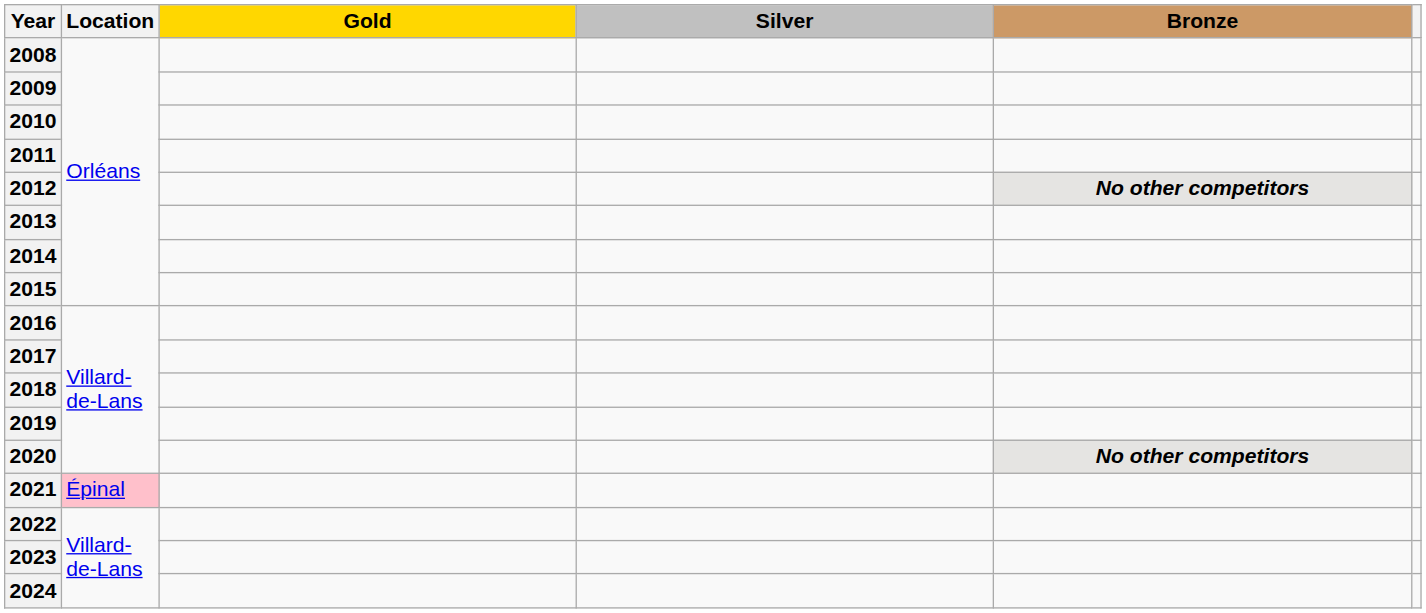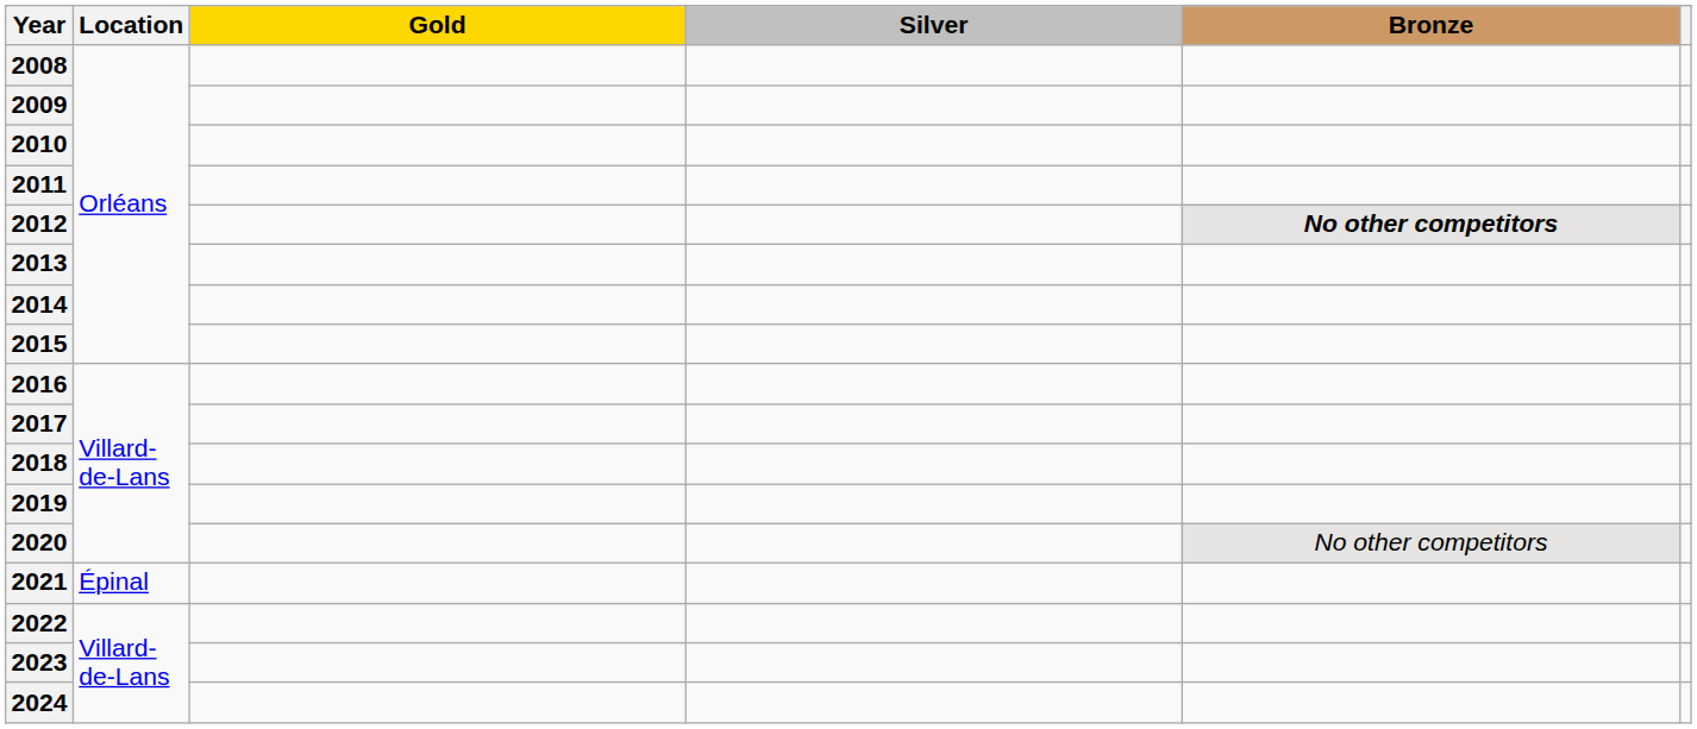 <table class="wikitable unsortable" style="text-align:left; width:85%">
 <tr>
 <th scope="col" style="text-align:center">Year</th>
 <th scope="col" style="text-align:center">Location</th>
 <td scope="col" style="text-align:center; width:30%; background:gold"><strong>Gold</strong></td>
 <td scope="col" style="text-align:center; width:30%; background:silver"><strong>Silver</strong></td>
 <td scope="col" style="text-align:center; width:30%; background:#c96"><strong>Bronze</strong></td>
 <th scope="col" style="text-align:center"></th>
 </tr>
 <tr>
 <th scope="row">2008</th>
 <td rowspan="8"><a href='#'>Orléans</a></td>
 <td></td>
 <td></td>
 <td></td>
 <td></td>
 </tr>
 <tr>
 <th scope="row">2009</th>
 <td></td>
 <td></td>
 <td></td>
 <td></td>
 </tr>
 <tr>
 <th scope="row">2010</th>
 <td></td>
 <td></td>
 <td></td>
 <td></td>
 </tr>
 <tr>
 <th scope="row">2011</th>
 <td></td>
 <td></td>
 <td></td>
 <td></td>
 </tr>
 <tr>
 <th scope="row">2012</th>
 <td></td>
 <td></td>
 <td align="center" bgcolor="e5e4e2"><strong><em>No other competitors</em></strong></td>
 <td></td>
 </tr>
 <tr>
 <th scope="row">2013</th>
 <td></td>
 <td></td>
 <td></td>
 <td></td>
 </tr>
 <tr>
 <th scope="row">2014</th>
 <td></td>
 <td></td>
 <td></td>
 <td></td>
 </tr>
 <tr>
 <th scope="row">2015</th>
 <td></td>
 <td></td>
 <td></td>
 <td></td>
 </tr>
 <tr>
 <th scope="row">2016</th>
 <td rowspan="5"><a href='#'>Villard-de-Lans</a></td>
 <td></td>
 <td></td>
 <td></td>
 <td></td>
 </tr>
 <tr>
 <th scope="row">2017</th>
 <td></td>
 <td></td>
 <td></td>
 <td></td>
 </tr>
 <tr>
 <th scope="row">2018</th>
 <td></td>
 <td></td>
 <td></td>
 <td></td>
 </tr>
 <tr>
 <th scope="row">2019</th>
 <td></td>
 <td></td>
 <td></td>
 <td></td>
 </tr>
 <tr>
 <th scope="row">2020</th>
 <td></td>
 <td></td>
-<td align="center" bgcolor="e5e4e2"><strong><em>No other competitors</em></strong></td>
+<td align="center" bgcolor="e5e4e2"><em>No other competitors</em></td>
 <td></td>
 </tr>
 <tr>
 <th scope="row">2021</th>
-<td style="background: pink;"><a href='#'>Épinal</a></td>
+<td><a href='#'>Épinal</a></td>
 <td></td>
 <td></td>
 <td></td>
 <td></td>
 </tr>
 <tr>
 <th scope="row">2022</th>
 <td rowspan="3"><a href='#'>Villard-de-Lans</a></td>
 <td></td>
 <td></td>
 <td></td>
 <td></td>
 </tr>
 <tr>
 <th scope="row">2023</th>
 <td></td>
 <td></td>
 <td></td>
 <td></td>
 </tr>
 <tr>
 <th scope="row">2024</th>
 <td></td>
 <td></td>
 <td></td>
 <td></td>
 </tr>
 </table>
